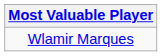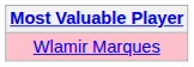 <table class=wikitable style="text-align:center; margin:auto">
 <tr>
 <th><a href='#'>Most Valuable Player</a></th>
 </tr>
 <tr>
-<td> <a href='#'>Wlamir Marques</a></td>
+<td style="background: pink;"> <a href='#'>Wlamir Marques</a></td>
 </tr>
 </table>
